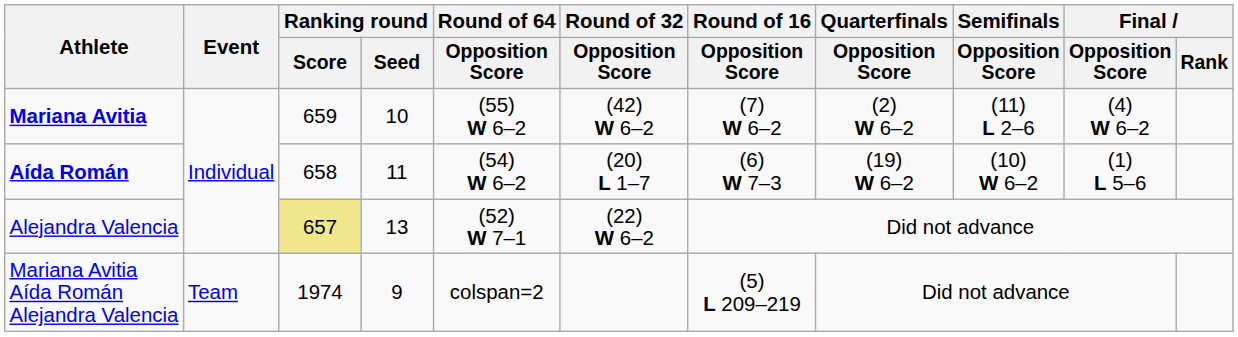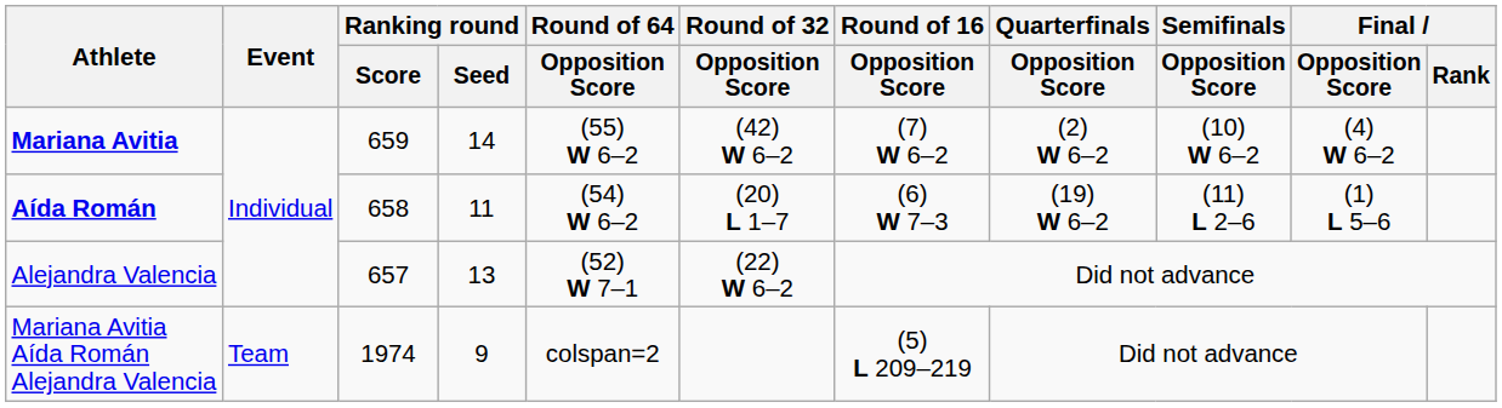 <table class="wikitable" style="font-size:90%">
 <tr>
 <th rowspan="2">Athlete</th>
 <th rowspan="2">Event</th>
 <th colspan="2">Ranking round</th>
 <th>Round of 64</th>
 <th>Round of 32</th>
 <th>Round of 16</th>
 <th>Quarterfinals</th>
 <th>Semifinals</th>
 <th colspan="2">Final / </th>
 </tr>
 <tr style="font-size:95%">
 <th>Score</th>
 <th>Seed</th>
 <th>Opposition<br>Score</th>
 <th>Opposition<br>Score</th>
 <th>Opposition<br>Score</th>
 <th>Opposition<br>Score</th>
 <th>Opposition<br>Score</th>
 <th>Opposition<br>Score</th>
 <th>Rank</th>
 </tr>
 <tr align=center>
 <td align=left><strong><a href='#'>Mariana Avitia</a></strong></td>
 <td align=left rowspan=3><a href='#'>Individual</a></td>
 <td>659</td>
-<td>10</td>
+<td>14</td>
 <td> (55)<br><strong>W</strong> 6–2</td>
 <td> (42)<br><strong>W</strong> 6–2</td>
 <td> (7)<br><strong>W</strong> 6–2</td>
 <td> (2)<br><strong>W</strong> 6–2</td>
-<td> (11)<br><strong>L</strong> 2–6</td>
+<td> (10)<br><strong>W</strong> 6–2</td>
 <td> (4)<br><strong>W</strong> 6–2</td>
 <td></td>
 </tr>
 <tr align=center>
 <td align=left><strong><a href='#'>Aída Román</a></strong></td>
 <td>658</td>
 <td>11</td>
 <td> (54)<br><strong>W</strong> 6–2</td>
 <td> (20)<br><strong>L</strong> 1–7</td>
 <td> (6)<br><strong>W</strong> 7–3</td>
 <td> (19)<br><strong>W</strong> 6–2</td>
-<td> (10)<br><strong>W</strong> 6–2</td>
+<td> (11)<br><strong>L</strong> 2–6</td>
 <td> (1)<br><strong>L</strong> 5–6</td>
 <td></td>
 </tr>
 <tr align=center>
 <td align=left><a href='#'>Alejandra Valencia</a></td>
-<td style="background: khaki;">657</td>
+<td>657</td>
 <td>13</td>
 <td> (52)<br><strong>W</strong> 7–1</td>
 <td> (22)<br><strong>W</strong> 6–2</td>
 <td colspan=5>Did not advance</td>
 </tr>
 <tr align=center>
 <td align=left><a href='#'>Mariana Avitia</a><br><a href='#'>Aída Román</a><br><a href='#'>Alejandra Valencia</a></td>
 <td align=left><a href='#'>Team</a></td>
 <td>1974</td>
 <td>9</td>
 <td>colspan=2 </td>
 <td></td>
 <td> (5)<br><strong>L</strong> 209–219</td>
 <td colspan=3>Did not advance</td>
 </tr>
 </table>
